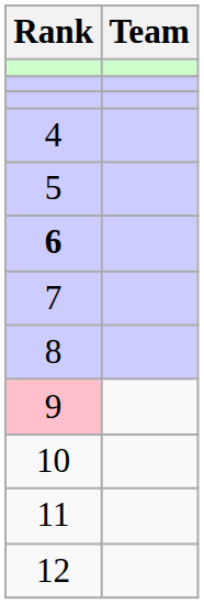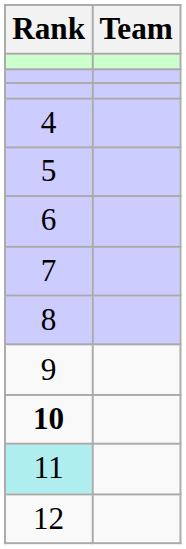 <table class="wikitable">
 <tr>
 <th>Rank</th>
 <th>Team</th>
 </tr>
 <tr bgcolor=#ccffcc>
 <td align=center></td>
 <td></td>
 </tr>
 <tr bgcolor=#ccccff>
 <td align=center></td>
 <td></td>
 </tr>
 <tr bgcolor=#ccccff>
 <td align=center></td>
 <td></td>
 </tr>
 <tr bgcolor=#ccccff>
 <td align=center>4</td>
 <td></td>
 </tr>
 <tr bgcolor=#ccccff>
 <td align=center>5</td>
 <td></td>
 </tr>
 <tr bgcolor=#ccccff>
-<td align=center><strong>6</strong></td>
+<td align=center>6</td>
 <td></td>
 </tr>
 <tr bgcolor=#ccccff>
 <td align=center>7</td>
 <td></td>
 </tr>
 <tr bgcolor=#ccccff>
 <td align=center>8</td>
 <td></td>
 </tr>
 <tr>
-<td align=center style="background: pink;">9</td>
+<td align=center>9</td>
 <td></td>
 </tr>
 <tr>
-<td align=center>10</td>
+<td align=center><strong>10</strong></td>
 <td></td>
 </tr>
 <tr>
-<td align=center>11</td>
+<td align=center style="background: paleturquoise;">11</td>
 <td></td>
 </tr>
 <tr>
 <td align=center>12</td>
 <td></td>
 </tr>
 </table>
